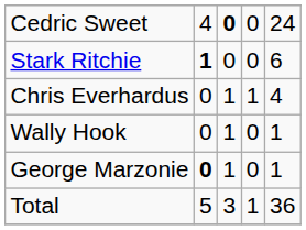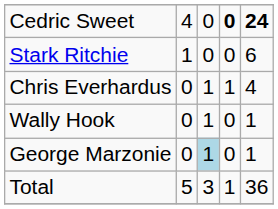 <table class="wikitable">
 <tr>
 </tr>
 <tr>
 <td>Cedric Sweet</td>
 <td>4</td>
+<td>0</td>
 <td><strong>0</strong></td>
-<td>0</td>
-<td>24</td>
+<td><strong>24</strong></td>
 </tr>
 <tr>
 <td><a href='#'>Stark Ritchie</a></td>
-<td><strong>1</strong></td>
+<td>1</td>
 <td>0</td>
 <td>0</td>
 <td>6</td>
 </tr>
 <tr>
 <td>Chris Everhardus</td>
 <td>0</td>
 <td>1</td>
 <td>1</td>
 <td>4</td>
 </tr>
 <tr>
 <td>Wally Hook</td>
 <td>0</td>
 <td>1</td>
 <td>0</td>
 <td>1</td>
 </tr>
 <tr>
 <td>George Marzonie</td>
-<td><strong>0</strong></td>
-<td>1</td>
+<td>0</td>
+<td style="background: lightblue;">1</td>
 <td>0</td>
 <td>1</td>
 </tr>
 <tr>
 <td>Total</td>
 <td>5</td>
 <td>3</td>
 <td>1</td>
 <td>36</td>
 </tr>
 <tr>
 </tr>
 </table>
